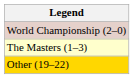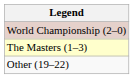 <table class="wikitable sortable">
 <tr>
 <th>Legend</th>
 </tr>
 <tr bgcolor="#e5d1cb">
 <td>World Championship (2–0)</td>
 </tr>
 <tr bgcolor="ffffcc">
 <td>The Masters (1–3)</td>
 </tr>
 <tr>
-<td style="background: gold;">Other (19–22)</td>
+<td>Other (19–22)</td>
 </tr>
 </table>
